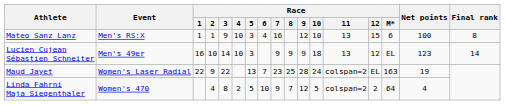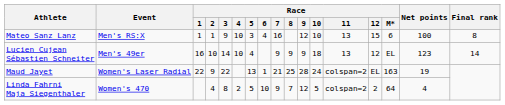 <table class="wikitable" style="font-size:90%">
 <tr>
 <th rowspan="2">Athlete</th>
 <th rowspan="2">Event</th>
 <th colspan=13>Race</th>
 <th rowspan=2>Net points</th>
 <th rowspan=2>Final rank</th>
 </tr>
 <tr style="font-size:95%">
 <th>1</th>
 <th>2</th>
 <th>3</th>
 <th>4</th>
 <th>5</th>
 <th>6</th>
 <th>7</th>
 <th>8</th>
 <th>9</th>
 <th>10</th>
 <th>11</th>
 <th>12</th>
 <th>M*</th>
 </tr>
 <tr align=center>
 <td align=left><a href='#'>Mateo Sanz Lanz</a></td>
 <td align=left><a href='#'>Men's RS:X</a></td>
 <td>1</td>
 <td>1</td>
 <td>9</td>
 <td>10</td>
 <td>3</td>
 <td>4</td>
 <td>16</td>
 <td></td>
 <td>12</td>
 <td>10</td>
 <td>13</td>
 <td>15</td>
 <td>6</td>
 <td>100</td>
 <td>8</td>
 </tr>
 <tr align=center>
 <td align=left><a href='#'>Lucien Cujean</a><br><a href='#'>Sébastien Schneiter</a></td>
 <td align=left><a href='#'>Men's 49er</a></td>
 <td>16</td>
 <td>10</td>
 <td>14</td>
 <td>10</td>
-<td>3</td>
+<td>4</td>
 <td></td>
 <td>9</td>
 <td>9</td>
 <td>9</td>
 <td>18</td>
 <td>13</td>
 <td>12</td>
 <td>EL</td>
 <td>123</td>
 <td>14</td>
 </tr>
 <tr align=center>
 <td align=left><a href='#'>Maud Jayet</a></td>
 <td align=left><a href='#'>Women's Laser Radial</a></td>
 <td>22</td>
 <td>9</td>
 <td>22</td>
 <td></td>
 <td>13</td>
-<td>7</td>
-<td>23</td>
+<td>1</td>
+<td>21</td>
 <td>25</td>
 <td>28</td>
 <td>24</td>
 <td>colspan=2 </td>
 <td>EL</td>
 <td>163</td>
 <td>19</td>
 </tr>
 <tr align=center>
 <td align=left><a href='#'>Linda Fahrni</a><br><a href='#'>Maja Siegenthaler</a></td>
 <td align=left><a href='#'>Women's 470</a></td>
 <td></td>
 <td>4</td>
 <td>8</td>
 <td>2</td>
 <td>5</td>
 <td>10</td>
 <td>9</td>
 <td>7</td>
 <td>12</td>
 <td>5</td>
 <td>colspan=2 </td>
 <td>2</td>
 <td>64</td>
 <td>4</td>
 </tr>
 </table>
